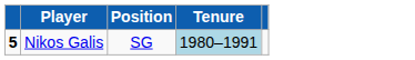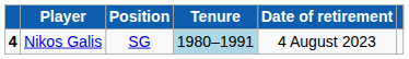 <table class="wikitable" style="text-align:center;">
 <tr>
 <th style="background:#0D5EAF; color:#FFFFFF"></th>
 <th style="background:#0D5EAF; color:#FFFFFF">Player</th>
 <th style="background:#0D5EAF; color:#FFFFFF">Position</th>
 <th style="background:#0D5EAF; color:#FFFFFF">Tenure</th>
+<th style="background:#0D5EAF; color:#FFFFFF">Date of retirement</th>
 <th style="background:#0D5EAF; color:#FFFFFF"></th>
 </tr>
 <tr>
-<td><strong>5</strong></td>
+<td><strong>4</strong></td>
 <td><a href='#'>Nikos Galis</a></td>
 <td><a href='#'>SG</a></td>
 <td style="background: lightblue;">1980–1991</td>
+<td>4 August 2023</td>
 <td></td>
 </tr>
 </table>
